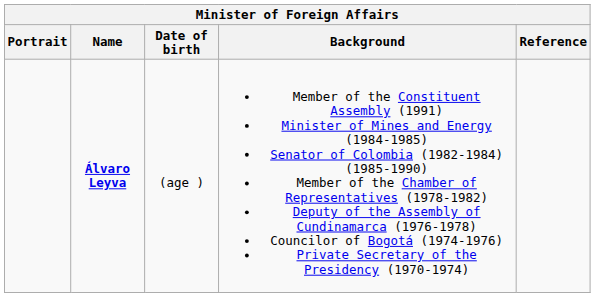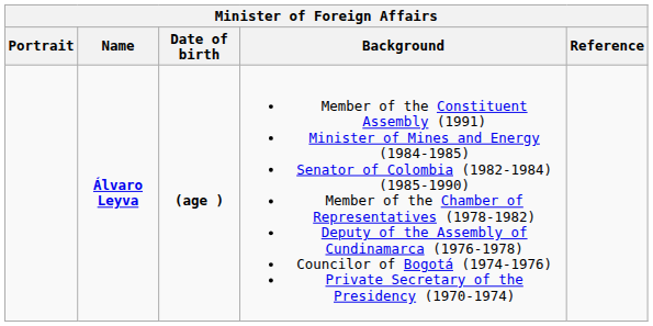 <table class="wikitable collapsible" style="text-align:center;">
 <tr>
 <th colspan="5">Minister of Foreign Affairs</th>
 </tr>
 <tr>
 <th>Portrait</th>
 <th>Name</th>
 <th>Date of birth</th>
 <th>Background</th>
 <th>Reference</th>
 </tr>
 <tr>
 <td></td>
 <td><strong><a href='#'>Álvaro Leyva</a></strong></td>
-<td><br>(age )</td>
+<td><strong><br>(age )</strong></td>
 <td><br><ul><li>Member of the <a href='#'>Constituent Assembly</a> (1991)</li><li><a href='#'>Minister of Mines and Energy</a> (1984-1985)</li><li><a href='#'>Senator of Colombia</a> (1982-1984) (1985-1990)</li><li>Member of the <a href='#'>Chamber of Representatives</a> (1978-1982)</li><li><a href='#'>Deputy of the Assembly of Cundinamarca</a> (1976-1978)</li><li>Councilor of <a href='#'>Bogotá</a> (1974-1976)</li><li><a href='#'>Private Secretary of the Presidency</a> (1970-1974)</li></ul></td>
 <td></td>
 </tr>
 </table>
